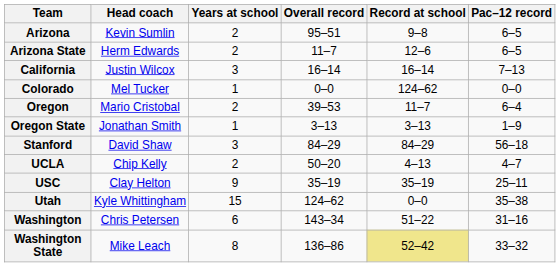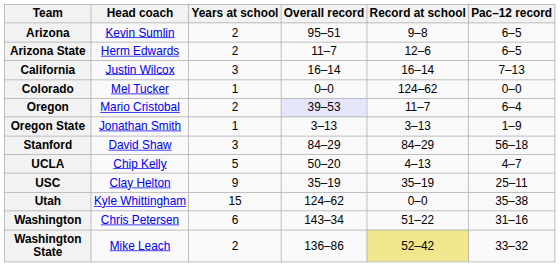 <table class="wikitable sortable" style="text-align: center;">
 <tr>
 <th style="width:110px;">Team</th>
 <th>Head coach</th>
 <th>Years at school</th>
 <th>Overall record</th>
 <th>Record at school</th>
 <th>Pac–12 record</th>
 </tr>
 <tr>
 <th>Arizona</th>
 <td><a href='#'>Kevin Sumlin</a></td>
 <td>2</td>
 <td>95–51</td>
 <td>9–8</td>
 <td>6–5</td>
 </tr>
 <tr>
 <th>Arizona State</th>
 <td><a href='#'>Herm Edwards</a></td>
 <td>2</td>
 <td>11–7</td>
 <td>12–6</td>
 <td>6–5</td>
 </tr>
 <tr>
 <th>California</th>
 <td><a href='#'>Justin Wilcox</a></td>
 <td>3</td>
 <td>16–14</td>
 <td>16–14</td>
 <td>7–13</td>
 </tr>
 <tr>
 <th>Colorado</th>
 <td><a href='#'>Mel Tucker</a></td>
 <td>1</td>
 <td>0–0</td>
 <td>124–62</td>
 <td>0–0</td>
 </tr>
 <tr>
 <th>Oregon</th>
 <td><a href='#'>Mario Cristobal</a></td>
 <td>2</td>
-<td>39–53</td>
+<td style="background: lavender;">39–53</td>
 <td>11–7</td>
 <td>6–4</td>
 </tr>
 <tr>
 <th>Oregon State</th>
 <td><a href='#'>Jonathan Smith</a></td>
 <td>1</td>
 <td>3–13</td>
 <td>3–13</td>
 <td>1–9</td>
 </tr>
 <tr>
 <th>Stanford</th>
 <td><a href='#'>David Shaw</a></td>
 <td>3</td>
 <td>84–29</td>
 <td>84–29</td>
 <td>56–18</td>
 </tr>
 <tr>
 <th>UCLA</th>
 <td><a href='#'>Chip Kelly</a></td>
-<td>2</td>
+<td>5</td>
 <td>50–20</td>
 <td>4–13</td>
 <td>4–7</td>
 </tr>
 <tr>
 <th>USC</th>
 <td><a href='#'>Clay Helton</a></td>
 <td>9</td>
 <td>35–19</td>
 <td>35–19</td>
 <td>25–11</td>
 </tr>
 <tr>
 <th>Utah</th>
 <td><a href='#'>Kyle Whittingham</a></td>
 <td>15</td>
 <td>124–62</td>
 <td>0–0</td>
 <td>35–38</td>
 </tr>
 <tr>
 <th>Washington</th>
 <td><a href='#'>Chris Petersen</a></td>
 <td>6</td>
 <td>143–34</td>
 <td>51–22</td>
 <td>31–16</td>
 </tr>
 <tr>
 <th>Washington State</th>
 <td><a href='#'>Mike Leach</a></td>
-<td>8</td>
+<td>2</td>
 <td>136–86</td>
 <td style="background: khaki;">52–42</td>
 <td>33–32</td>
 </tr>
 </table>
